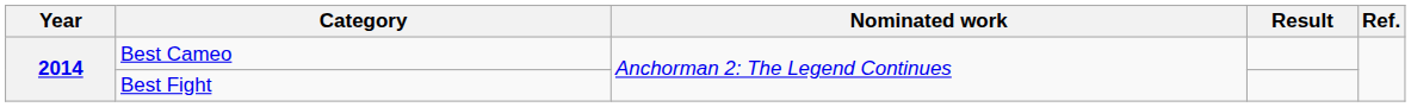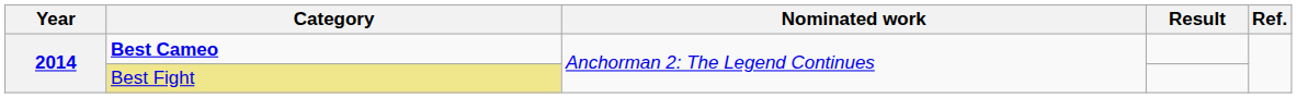 <table class=wikitable>
 <tr>
 <th scope="col" style="width:5em;">Year</th>
 <th scope="col" style="width:24em;">Category</th>
 <th scope="col" style="width:31em;">Nominated work</th>
 <th scope="col" style="width:5em;">Result</th>
 <th>Ref.</th>
 </tr>
 <tr>
 <th row=scope style="text-align:center;", rowspan="2"><a href='#'>2014</a></th>
-<td><a href='#'>Best Cameo</a></td>
+<td><strong><a href='#'>Best Cameo</a></strong></td>
 <td rowspan="2"><em><a href='#'>Anchorman 2: The Legend Continues</a></em></td>
 <td></td>
 <td rowspan="2" style="text-align:center;"></td>
 </tr>
 <tr>
-<td><a href='#'>Best Fight</a></td>
+<td style="background: khaki;"><a href='#'>Best Fight</a></td>
 <td></td>
 </tr>
 </table>
